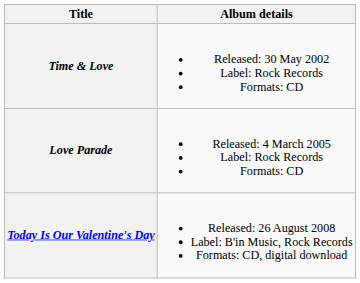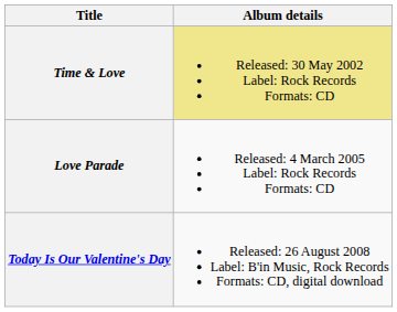 <table class="wikitable plainrowheaders" style="text-align:center;">
 <tr>
 <th rowspan="1">Title</th>
 <th rowspan="1">Album details</th>
 </tr>
 <tr>
 <th scope="row"><em>Time & Love</em></th>
-<td><br><ul><li>Released: 30 May 2002</li><li>Label: Rock Records</li><li>Formats: CD</li></ul></td>
+<td style="background: khaki;"><br><ul><li>Released: 30 May 2002</li><li>Label: Rock Records</li><li>Formats: CD</li></ul></td>
 </tr>
 <tr>
 <th scope="row"><em>Love Parade</em></th>
 <td><br><ul><li>Released: 4 March 2005</li><li>Label: Rock Records</li><li>Formats: CD</li></ul></td>
 </tr>
 <tr>
 <th scope="row"><em><a href='#'>Today Is Our Valentine's Day</a></em></th>
 <td><br><ul><li>Released: 26 August 2008</li><li>Label: B'in Music, Rock Records</li><li>Formats: CD, digital download</li></ul></td>
 </tr>
 </table>
